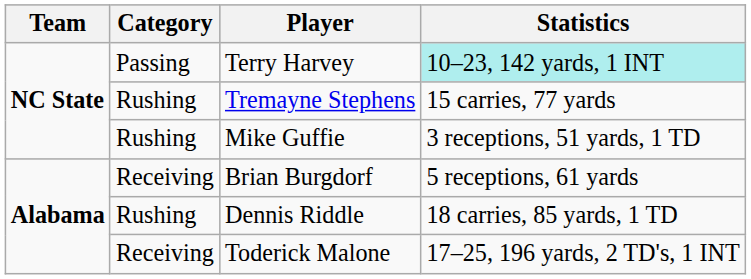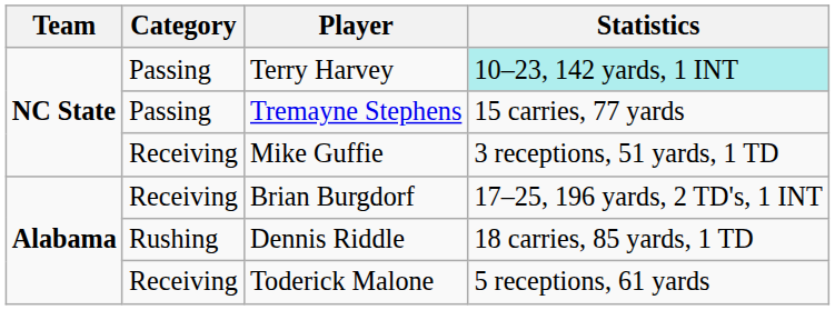 <table class="wikitable" style="float: right;">
 <tr>
 <th>Team</th>
 <th>Category</th>
 <th>Player</th>
 <th>Statistics</th>
 </tr>
 <tr>
 <td rowspan=3><strong>NC State</strong></td>
 <td>Passing</td>
 <td>Terry Harvey</td>
 <td style="background: paleturquoise;">10–23, 142 yards, 1 INT</td>
 </tr>
 <tr>
-<td>Rushing</td>
+<td>Passing</td>
 <td><a href='#'>Tremayne Stephens</a></td>
 <td>15 carries, 77 yards</td>
 </tr>
 <tr>
-<td>Rushing</td>
+<td>Receiving</td>
 <td>Mike Guffie</td>
 <td>3 receptions, 51 yards, 1 TD</td>
 </tr>
 <tr>
 <td rowspan=3><strong>Alabama</strong></td>
 <td>Receiving</td>
 <td>Brian Burgdorf</td>
-<td>5 receptions, 61 yards</td>
+<td>17–25, 196 yards, 2 TD's, 1 INT</td>
 </tr>
 <tr>
 <td>Rushing</td>
 <td>Dennis Riddle</td>
 <td>18 carries, 85 yards, 1 TD</td>
 </tr>
 <tr>
 <td>Receiving</td>
 <td>Toderick Malone</td>
-<td>17–25, 196 yards, 2 TD's, 1 INT</td>
+<td>5 receptions, 61 yards</td>
 </tr>
 </table>
